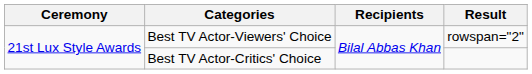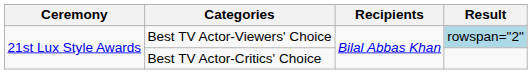 <table class="wikitable style">
 <tr>
 <th>Ceremony</th>
 <th>Categories</th>
 <th>Recipients</th>
 <th>Result</th>
 </tr>
 <tr>
 <td rowspan="7"><a href='#'>21st Lux Style Awards</a></td>
 <td>Best TV Actor-Viewers' Choice</td>
 <td rowspan="2"><em><a href='#'>Bilal Abbas Khan</a></em></td>
-<td>rowspan="2" </td>
+<td style="background: lightblue;">rowspan="2" </td>
 </tr>
 <tr>
 <td>Best TV Actor-Critics' Choice</td>
 </tr>
 </table>
